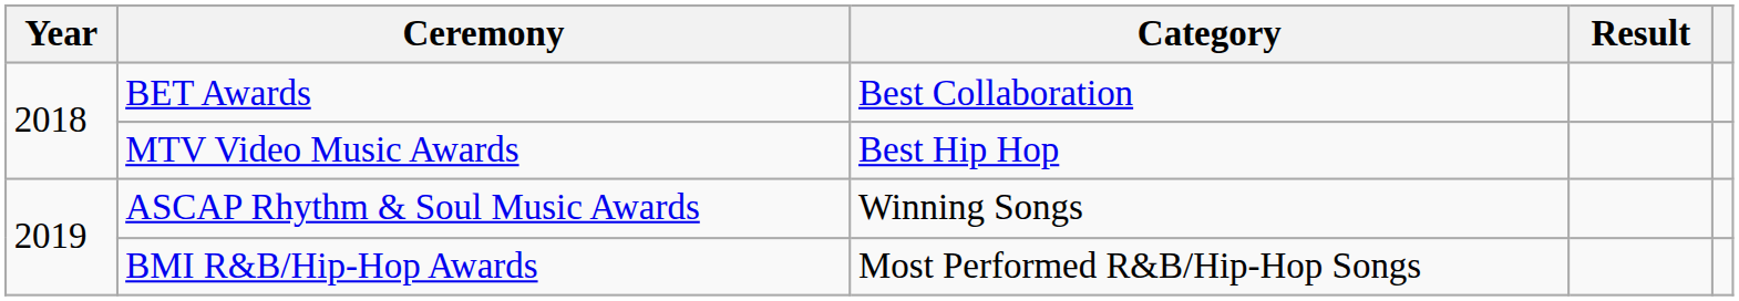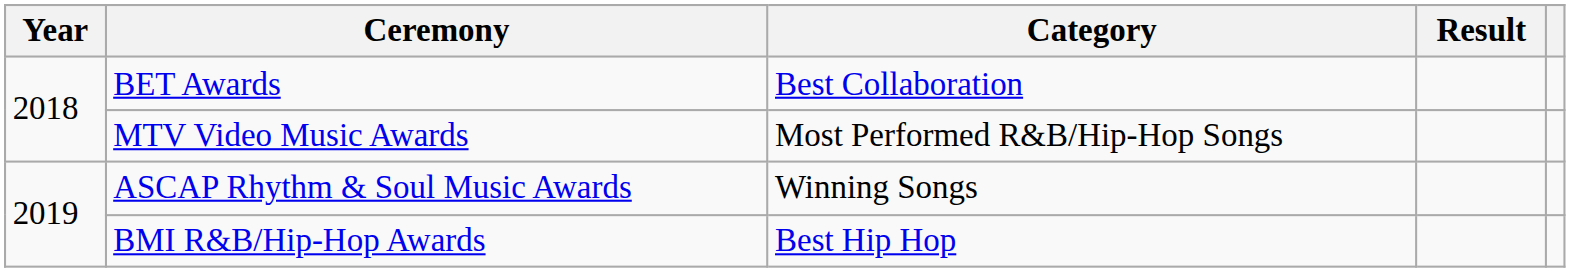 <table class="wikitable sortable plainrowheaders" style="width: 60%;">
 <tr>
 <th scope="col">Year</th>
 <th scope="col">Ceremony</th>
 <th scope="col">Category</th>
 <th scope="col">Result</th>
 <th scope="col" class="unsortable"></th>
 </tr>
 <tr>
 <td rowspan="2">2018</td>
 <td><a href='#'>BET Awards</a></td>
 <td><a href='#'>Best Collaboration</a></td>
 <td></td>
 <td style="text-align:center;"></td>
 </tr>
 <tr>
 <td><a href='#'>MTV Video Music Awards</a></td>
-<td><a href='#'>Best Hip Hop</a></td>
+<td>Most Performed R&B/Hip-Hop Songs</td>
 <td></td>
 <td style="text-align:center;"></td>
 </tr>
 <tr>
 <td rowspan=2>2019</td>
 <td><a href='#'>ASCAP Rhythm & Soul Music Awards</a></td>
 <td>Winning Songs</td>
 <td></td>
 <td style="text-align:center;"></td>
 </tr>
 <tr>
 <td><a href='#'>BMI R&B/Hip-Hop Awards</a></td>
-<td>Most Performed R&B/Hip-Hop Songs</td>
+<td><a href='#'>Best Hip Hop</a></td>
 <td></td>
 <td style="text-align:center;"></td>
 </tr>
 </table>
